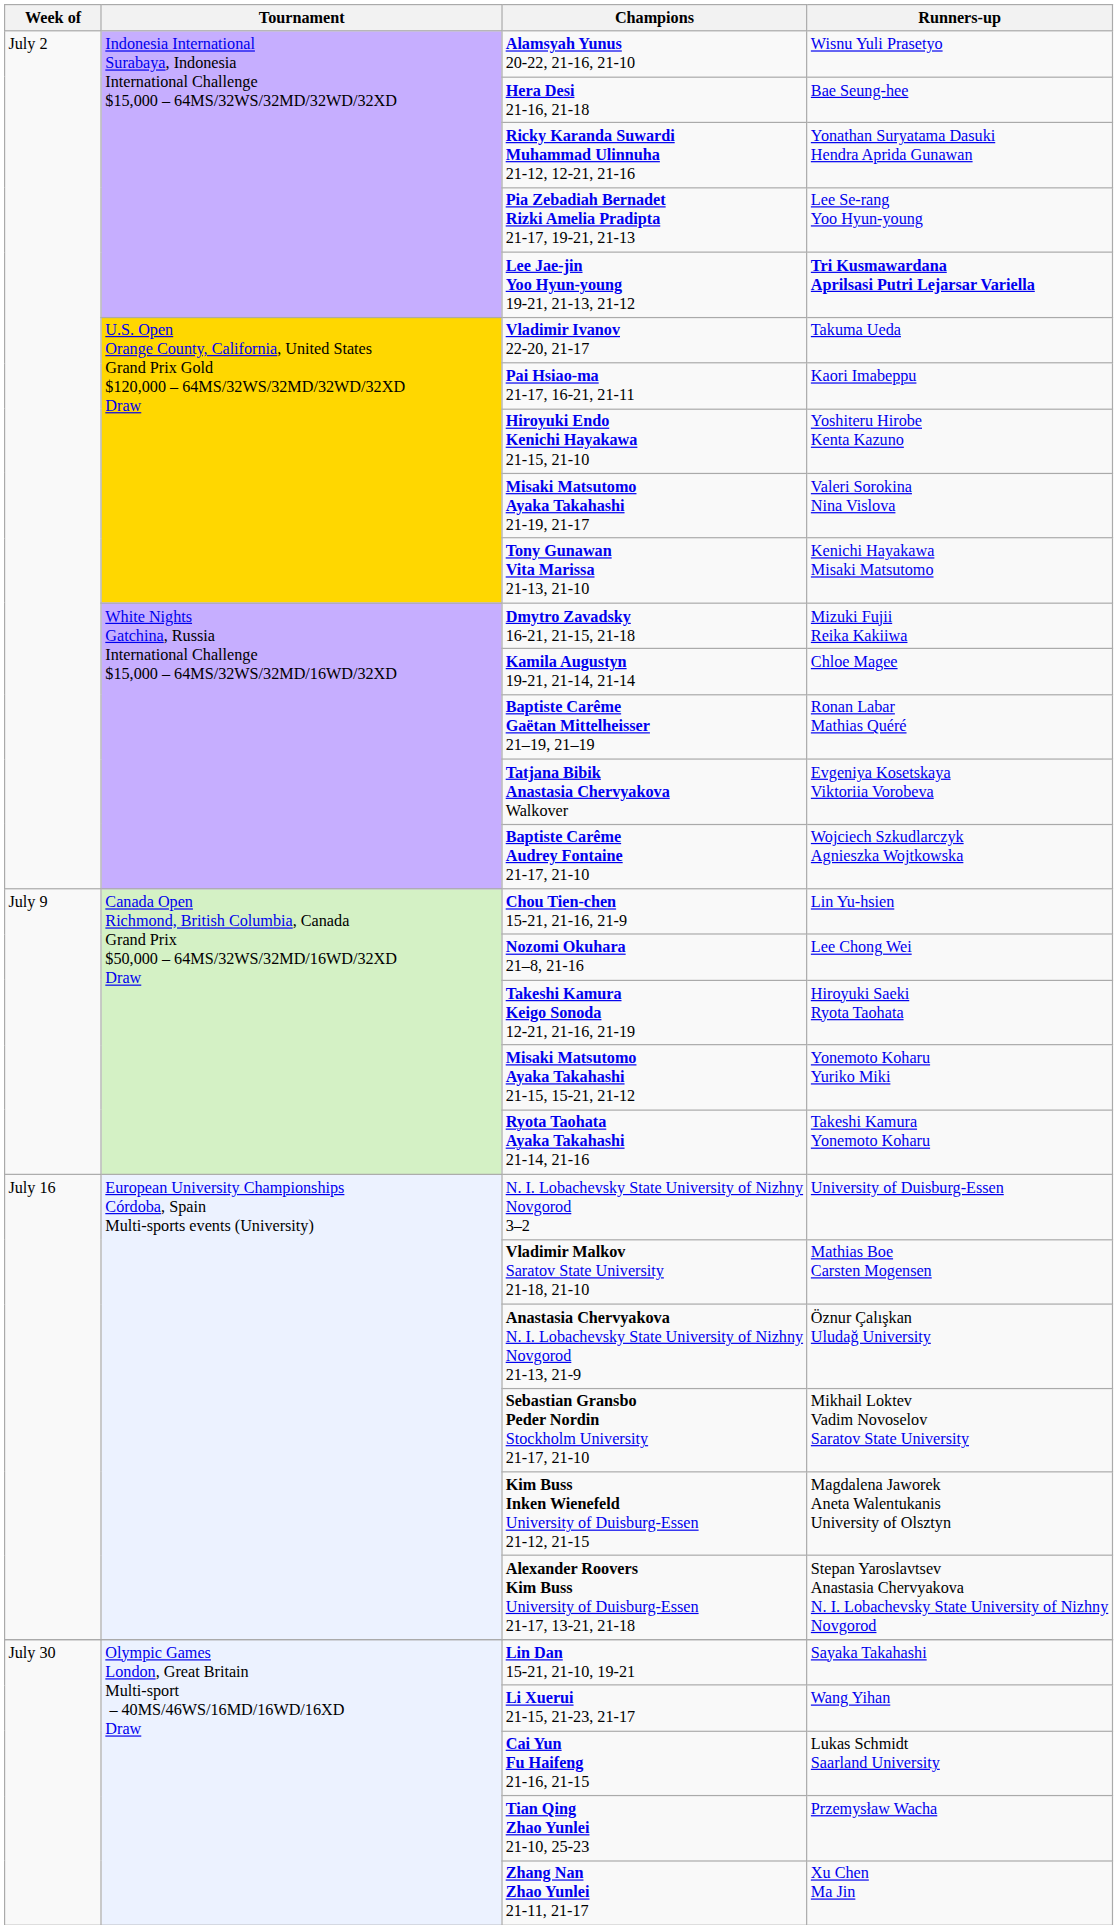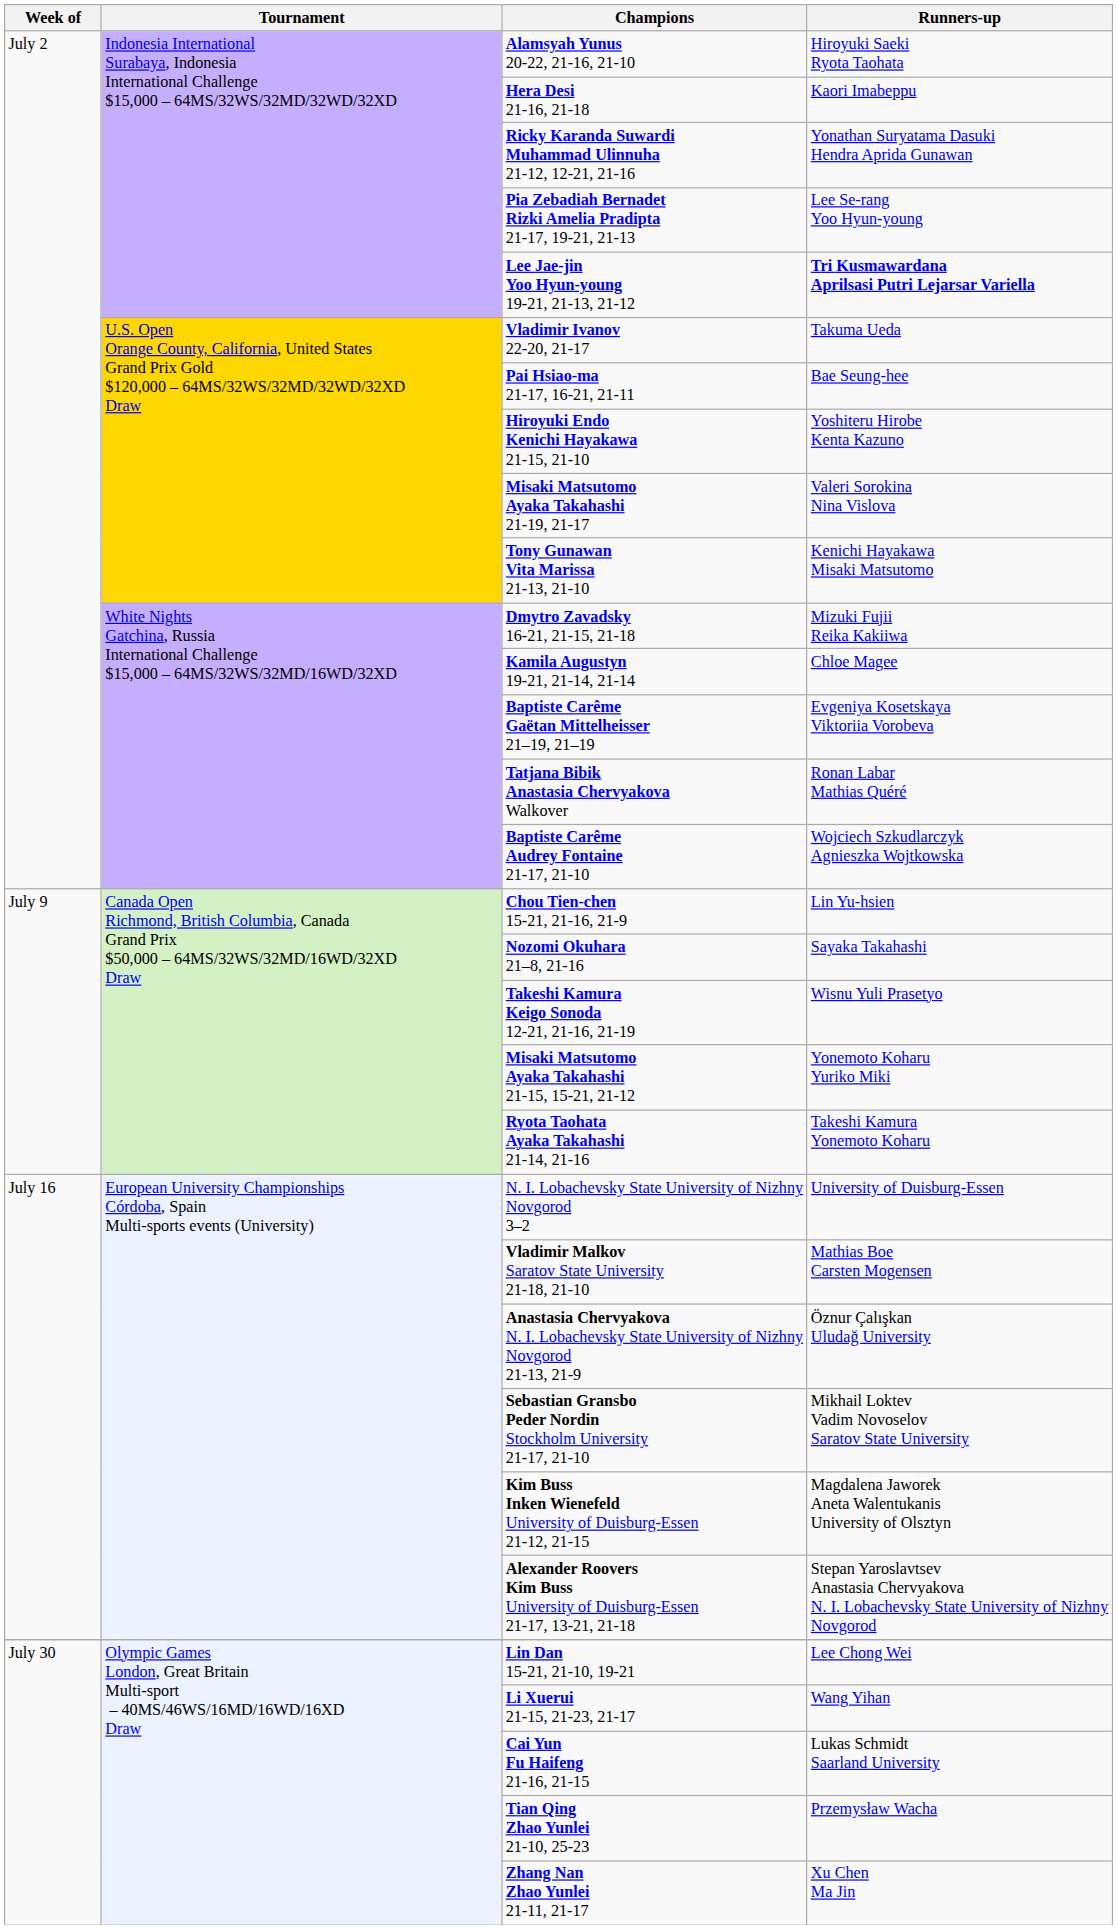 <table class=wikitable style=font-size:85%>
 <tr>
 <th width=75>Week of</th>
 <th width=330>Tournament</th>
 <th width=250>Champions</th>
 <th width=250>Runners-up</th>
 </tr>
 <tr valign=top>
 <td rowspan=15>July 2</td>
 <td style="background:#C6AEFF;" rowspan="5"><a href='#'>Indonesia International</a><br><a href='#'>Surabaya</a>, Indonesia<br>International Challenge<br>$15,000 – 64MS/32WS/32MD/32WD/32XD</td>
 <td> <strong><a href='#'>Alamsyah Yunus</a></strong><br>20-22, 21-16, 21-10</td>
-<td> <a href='#'>Wisnu Yuli Prasetyo</a></td>
+<td> <a href='#'>Hiroyuki Saeki</a><br> <a href='#'>Ryota Taohata</a></td>
 </tr>
 <tr valign=top>
 <td> <strong><a href='#'>Hera Desi</a></strong><br>21-16, 21-18</td>
-<td> <a href='#'>Bae Seung-hee</a></td>
+<td> <a href='#'>Kaori Imabeppu</a></td>
 </tr>
 <tr valign=top>
 <td><strong> <a href='#'>Ricky Karanda Suwardi</a><br> <a href='#'>Muhammad Ulinnuha</a></strong><br>21-12, 12-21, 21-16</td>
 <td> <a href='#'>Yonathan Suryatama Dasuki</a><br> <a href='#'>Hendra Aprida Gunawan</a></td>
 </tr>
 <tr valign=top>
 <td><strong> <a href='#'>Pia Zebadiah Bernadet</a><br> <a href='#'>Rizki Amelia Pradipta</a></strong><br>21-17, 19-21, 21-13</td>
 <td> <a href='#'>Lee Se-rang</a><br> <a href='#'>Yoo Hyun-young</a></td>
 </tr>
 <tr valign=top>
 <td><strong> <a href='#'>Lee Jae-jin</a><br> <a href='#'>Yoo Hyun-young</a></strong><br>19-21, 21-13, 21-12</td>
 <td><strong> <a href='#'>Tri Kusmawardana</a><br> <a href='#'>Aprilsasi Putri Lejarsar Variella</a></strong></td>
 </tr>
 <tr valign=top>
 <td style="background:#FFD700;" rowspan="5"><a href='#'>U.S. Open</a><br> <a href='#'>Orange County, California</a>, United States<br>Grand Prix Gold<br>$120,000 – 64MS/32WS/32MD/32WD/32XD<br><a href='#'>Draw</a></td>
 <td> <strong><a href='#'>Vladimir Ivanov</a></strong><br>22-20, 21-17</td>
 <td> <a href='#'>Takuma Ueda</a></td>
 </tr>
 <tr valign=top>
 <td> <strong><a href='#'>Pai Hsiao-ma</a></strong><br>21-17, 16-21, 21-11</td>
-<td> <a href='#'>Kaori Imabeppu</a></td>
+<td> <a href='#'>Bae Seung-hee</a></td>
 </tr>
 <tr valign=top>
 <td> <strong><a href='#'>Hiroyuki Endo</a><br> <a href='#'>Kenichi Hayakawa</a></strong><br>21-15, 21-10</td>
 <td> <a href='#'>Yoshiteru Hirobe</a><br> <a href='#'>Kenta Kazuno</a></td>
 </tr>
 <tr valign=top>
 <td> <strong><a href='#'>Misaki Matsutomo</a><br> <a href='#'>Ayaka Takahashi</a></strong><br>21-19, 21-17</td>
 <td> <a href='#'>Valeri Sorokina</a><br> <a href='#'>Nina Vislova</a></td>
 </tr>
 <tr valign=top>
 <td> <strong><a href='#'>Tony Gunawan</a><br> <a href='#'>Vita Marissa</a></strong><br>21-13, 21-10</td>
 <td> <a href='#'>Kenichi Hayakawa</a><br> <a href='#'>Misaki Matsutomo</a></td>
 </tr>
 <tr valign=top>
 <td style="background:#C6AEFF;" rowspan="5"><a href='#'>White Nights</a><br><a href='#'>Gatchina</a>, Russia<br>International Challenge<br>$15,000 – 64MS/32WS/32MD/16WD/32XD</td>
 <td> <strong><a href='#'>Dmytro Zavadsky</a></strong><br>16-21, 21-15, 21-18</td>
 <td> <a href='#'>Mizuki Fujii</a> <br>  <a href='#'>Reika Kakiiwa</a></td>
 </tr>
 <tr valign=top>
 <td> <strong><a href='#'>Kamila Augustyn</a></strong><br>19-21, 21-14, 21-14</td>
 <td> <a href='#'>Chloe Magee</a></td>
 </tr>
 <tr valign=top>
 <td> <strong><a href='#'>Baptiste Carême</a><br> <a href='#'>Gaëtan Mittelheisser</a></strong><br>21–19, 21–19</td>
-<td> <a href='#'>Ronan Labar</a><br> <a href='#'>Mathias Quéré</a></td>
+<td> <a href='#'>Evgeniya Kosetskaya</a><br> <a href='#'>Viktoriia Vorobeva</a></td>
 </tr>
 <tr valign=top>
 <td> <strong><a href='#'>Tatjana Bibik</a><br> <a href='#'>Anastasia Chervyakova</a></strong><br>Walkover</td>
-<td> <a href='#'>Evgeniya Kosetskaya</a><br> <a href='#'>Viktoriia Vorobeva</a></td>
+<td> <a href='#'>Ronan Labar</a><br> <a href='#'>Mathias Quéré</a></td>
 </tr>
 <tr valign=top>
 <td> <strong><a href='#'>Baptiste Carême</a><br> <a href='#'>Audrey Fontaine</a></strong><br>21-17, 21-10</td>
 <td> <a href='#'>Wojciech Szkudlarczyk</a><br> <a href='#'>Agnieszka Wojtkowska</a></td>
 </tr>
 <tr valign=top>
 <td rowspan=5>July 9</td>
 <td style="background:#D4F1C5;" rowspan="5"><a href='#'>Canada Open</a><br><a href='#'>Richmond, British Columbia</a>, Canada<br>Grand Prix<br>$50,000 – 64MS/32WS/32MD/16WD/32XD<br><a href='#'>Draw</a></td>
 <td> <strong><a href='#'>Chou Tien-chen</a></strong><br>15-21, 21-16, 21-9</td>
 <td> <a href='#'>Lin Yu-hsien</a></td>
 </tr>
 <tr valign=top>
 <td> <strong><a href='#'>Nozomi Okuhara</a></strong><br>21–8, 21-16</td>
-<td> <a href='#'>Lee Chong Wei</a></td>
+<td> <a href='#'>Sayaka Takahashi</a></td>
 </tr>
 <tr valign=top>
 <td> <strong><a href='#'>Takeshi Kamura</a><br> <a href='#'>Keigo Sonoda</a></strong><br>12-21, 21-16, 21-19</td>
-<td> <a href='#'>Hiroyuki Saeki</a><br> <a href='#'>Ryota Taohata</a></td>
+<td> <a href='#'>Wisnu Yuli Prasetyo</a></td>
 </tr>
 <tr valign=top>
 <td> <strong><a href='#'>Misaki Matsutomo</a><br> <a href='#'>Ayaka Takahashi</a></strong><br>21-15, 15-21, 21-12</td>
 <td> <a href='#'>Yonemoto Koharu</a><br> <a href='#'>Yuriko Miki</a></td>
 </tr>
 <tr valign=top>
 <td> <strong><a href='#'>Ryota Taohata</a><br> <a href='#'>Ayaka Takahashi</a></strong><br>21-14, 21-16</td>
 <td> <a href='#'>Takeshi Kamura</a><br> <a href='#'>Yonemoto Koharu</a></td>
 </tr>
 <tr valign=top>
 <td rowspan=6>July 16</td>
 <td style="background:#ECF2FF;" rowspan="6"><a href='#'>European University Championships</a><br><a href='#'>Córdoba</a>, Spain<br>Multi-sports events (University)<br></td>
 <td> <a href='#'>N. I. Lobachevsky State University of Nizhny Novgorod</a><br>3–2</td>
 <td> <a href='#'>University of Duisburg-Essen</a></td>
 </tr>
 <tr valign=top>
 <td> <strong>Vladimir Malkov</strong><br><a href='#'>Saratov State University</a><br>21-18, 21-10</td>
 <td> <a href='#'>Mathias Boe</a> <br>  <a href='#'>Carsten Mogensen</a></td>
 </tr>
 <tr valign=top>
 <td> <strong>Anastasia Chervyakova</strong><br><a href='#'>N. I. Lobachevsky State University of Nizhny Novgorod</a><br>21-13, 21-9</td>
 <td> Öznur Çalışkan<br><a href='#'>Uludağ University</a></td>
 </tr>
 <tr valign=top>
 <td> <strong>Sebastian Gransbo<br> Peder Nordin</strong><br><a href='#'>Stockholm University</a><br>21-17, 21-10</td>
 <td> Mikhail Loktev<br> Vadim Novoselov<br><a href='#'>Saratov State University</a></td>
 </tr>
 <tr valign=top>
 <td> <strong>Kim Buss<br> Inken Wienefeld</strong><br><a href='#'>University of Duisburg-Essen</a><br>21-12, 21-15</td>
 <td> Magdalena Jaworek<br> Aneta Walentukanis<br>University of Olsztyn</td>
 </tr>
 <tr valign=top>
 <td> <strong>Alexander Roovers<br> Kim Buss</strong><br><a href='#'>University of Duisburg-Essen</a><br>21-17, 13-21, 21-18</td>
 <td> Stepan Yaroslavtsev<br> Anastasia Chervyakova<br><a href='#'>N. I. Lobachevsky State University of Nizhny Novgorod</a></td>
 </tr>
 <tr valign=top>
 </tr>
 <tr valign=top>
 <td rowspan=5>July 30</td>
 <td style="background:#ECF2FF;" rowspan="5"><a href='#'>Olympic Games</a><br><a href='#'>London</a>, Great Britain<br>Multi-sport<br> – 40MS/46WS/16MD/16WD/16XD<br><a href='#'>Draw</a></td>
 <td> <strong><a href='#'>Lin Dan</a></strong><br>15-21, 21-10, 19-21</td>
-<td> <a href='#'>Sayaka Takahashi</a></td>
+<td> <a href='#'>Lee Chong Wei</a></td>
 </tr>
 <tr valign=top>
 <td> <strong><a href='#'>Li Xuerui</a></strong><br>21-15, 21-23, 21-17</td>
 <td> <a href='#'>Wang Yihan</a></td>
 </tr>
 <tr valign=top>
 <td><strong> <a href='#'>Cai Yun</a> <br>  <a href='#'>Fu Haifeng</a></strong> <br> 21-16, 21-15</td>
 <td> Lukas Schmidt<br><a href='#'>Saarland University</a></td>
 </tr>
 <tr valign=top>
 <td><strong> <a href='#'>Tian Qing</a> <br>  <a href='#'>Zhao Yunlei</a></strong> <br> 21-10, 25-23</td>
 <td> <a href='#'>Przemysław Wacha</a></td>
 </tr>
 <tr valign=top>
 <td><strong> <a href='#'>Zhang Nan</a> <br>  <a href='#'>Zhao Yunlei</a></strong> <br> 21-11, 21-17</td>
 <td> <a href='#'>Xu Chen</a> <br>  <a href='#'>Ma Jin</a></td>
 </tr>
 </table>
